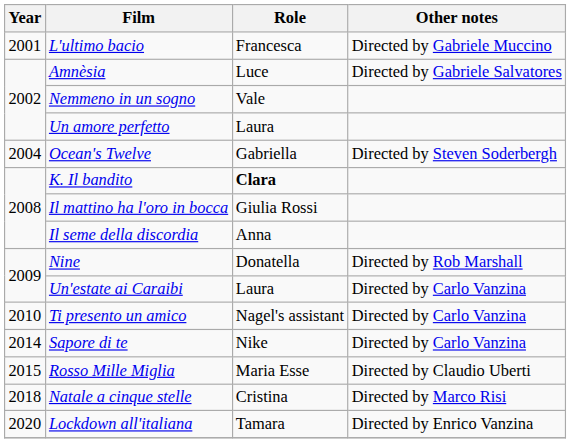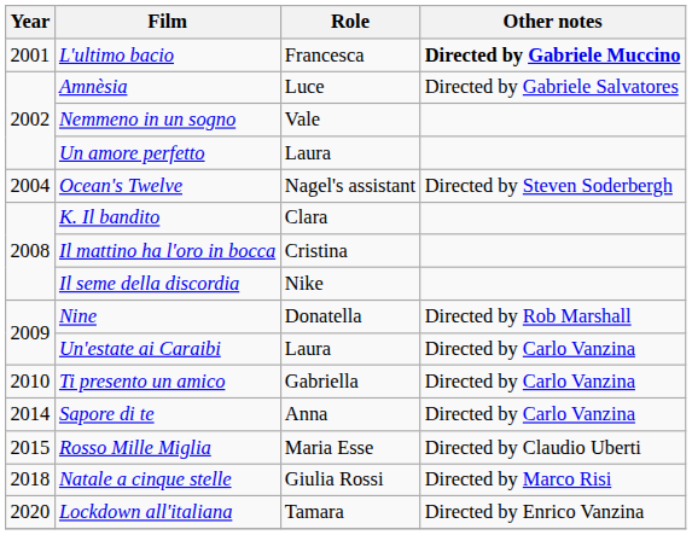 <table class="wikitable" style="font-size: 90%;">
 <tr>
 <th>Year</th>
 <th>Film</th>
 <th>Role</th>
 <th>Other notes</th>
 </tr>
 <tr>
 <td rowspan="1">2001</td>
 <td><em><a href='#'>L'ultimo bacio</a></em></td>
 <td>Francesca</td>
-<td>Directed by <a href='#'>Gabriele Muccino</a></td>
+<td><strong>Directed by <a href='#'>Gabriele Muccino</a></strong></td>
 </tr>
 <tr>
 <td rowspan="3">2002</td>
 <td><em><a href='#'>Amnèsia</a></em></td>
 <td>Luce</td>
 <td>Directed by <a href='#'>Gabriele Salvatores</a></td>
 </tr>
 <tr>
 <td><em><a href='#'>Nemmeno in un sogno</a></em></td>
 <td>Vale</td>
 <td></td>
 </tr>
 <tr>
 <td><em><a href='#'>Un amore perfetto</a></em></td>
 <td>Laura</td>
 <td></td>
 </tr>
 <tr>
 <td rowspan="1">2004</td>
 <td><em><a href='#'>Ocean's Twelve</a></em></td>
-<td>Gabriella</td>
+<td>Nagel's assistant</td>
 <td>Directed by <a href='#'>Steven Soderbergh</a></td>
 </tr>
 <tr>
 <td rowspan="3">2008</td>
 <td><em><a href='#'>K. Il bandito</a></em></td>
-<td><strong>Clara</strong></td>
+<td>Clara</td>
 <td></td>
 </tr>
 <tr>
 <td><em><a href='#'>Il mattino ha l'oro in bocca</a></em></td>
-<td>Giulia Rossi</td>
+<td>Cristina</td>
 <td></td>
 </tr>
 <tr>
 <td><em><a href='#'>Il seme della discordia</a></em></td>
-<td>Anna</td>
+<td>Nike</td>
 <td></td>
 </tr>
 <tr>
 <td rowspan="2">2009</td>
 <td><em><a href='#'>Nine</a></em></td>
 <td>Donatella</td>
 <td>Directed by <a href='#'>Rob Marshall</a></td>
 </tr>
 <tr>
 <td><em><a href='#'>Un'estate ai Caraibi</a></em></td>
 <td>Laura</td>
 <td>Directed by <a href='#'>Carlo Vanzina</a></td>
 </tr>
 <tr>
 <td rowspan="1">2010</td>
 <td><em><a href='#'>Ti presento un amico</a></em></td>
-<td>Nagel's assistant</td>
+<td>Gabriella</td>
 <td>Directed by <a href='#'>Carlo Vanzina</a></td>
 </tr>
 <tr>
 <td rowspan="1">2014</td>
 <td><em><a href='#'>Sapore di te</a></em></td>
-<td>Nike</td>
+<td>Anna</td>
 <td>Directed by <a href='#'>Carlo Vanzina</a></td>
 </tr>
 <tr>
 <td rowspan="1">2015</td>
 <td><em><a href='#'>Rosso Mille Miglia</a></em></td>
 <td>Maria Esse</td>
 <td>Directed by Claudio Uberti</td>
 </tr>
 <tr>
 <td rowspan="1">2018</td>
 <td><em><a href='#'>Natale a cinque stelle</a></em></td>
-<td>Cristina</td>
+<td>Giulia Rossi</td>
 <td>Directed by <a href='#'>Marco Risi</a></td>
 </tr>
 <tr>
 <td rowspan="1">2020</td>
 <td><em><a href='#'>Lockdown all'italiana</a></em></td>
 <td>Tamara</td>
 <td>Directed by Enrico Vanzina</td>
 </tr>
 <tr>
 </tr>
 </table>
